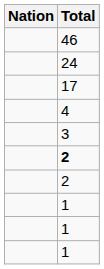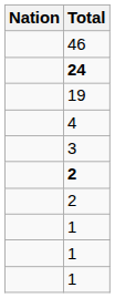 <table class="wikitable sortable">
 <tr>
 <th>Nation</th>
 <th>Total</th>
 </tr>
 <tr>
 <td></td>
 <td>46</td>
 </tr>
 <tr>
 <td></td>
-<td>24</td>
+<td><strong>24</strong></td>
 </tr>
 <tr>
 <td></td>
-<td>17</td>
+<td>19</td>
 </tr>
 <tr>
 <td></td>
 <td>4</td>
 </tr>
 <tr>
 <td></td>
 <td>3</td>
 </tr>
 <tr>
 <td></td>
 <td><strong>2</strong></td>
 </tr>
 <tr>
 <td></td>
 <td>2</td>
 </tr>
 <tr>
 <td></td>
 <td>1</td>
 </tr>
 <tr>
 <td></td>
 <td>1</td>
 </tr>
 <tr>
 <td></td>
 <td>1</td>
 </tr>
 </table>
